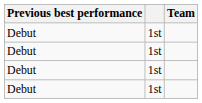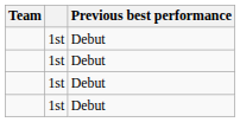 <table class="wikitable sortable">
 <tr>
+<th>Team</th>
+<th data-sort-type="number"></th>
 <th>Previous best performance</th>
-<th data-sort-type="number"></th>
-<th>Team</th>
 </tr>
 <tr>
+<td></td>
+<td style="text-align:center">1st</td>
 <td>Debut</td>
-<td style="text-align:center">1st</td>
-<td></td>
 </tr>
 <tr>
+<td></td>
+<td style="text-align:center">1st</td>
 <td>Debut</td>
-<td style="text-align:center">1st</td>
-<td></td>
 </tr>
 <tr>
+<td></td>
+<td style="text-align:center">1st</td>
 <td>Debut</td>
-<td style="text-align:center">1st</td>
-<td></td>
 </tr>
 <tr>
+<td></td>
+<td style="text-align:center">1st</td>
 <td>Debut</td>
-<td style="text-align:center">1st</td>
-<td></td>
 </tr>
 </table>
